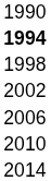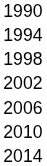 <table>
 <tr>
 <td>1990</td>
 <td></td>
 <td></td>
 <td></td>
 </tr>
 <tr>
-<td><strong>1994</strong></td>
+<td>1994</td>
 <td></td>
 <td></td>
 <td></td>
 </tr>
 <tr>
 <td>1998</td>
 <td></td>
 <td></td>
 <td></td>
 </tr>
 <tr>
 <td>2002</td>
 <td></td>
 <td></td>
 <td></td>
 </tr>
 <tr>
 <td>2006<br></td>
 <td></td>
 <td></td>
 <td></td>
 </tr>
 <tr>
 <td>2010<br></td>
 <td></td>
 <td></td>
 <td></td>
 </tr>
 <tr>
 <td>2014<br></td>
 <td></td>
 <td></td>
 <td></td>
 </tr>
 </table>
